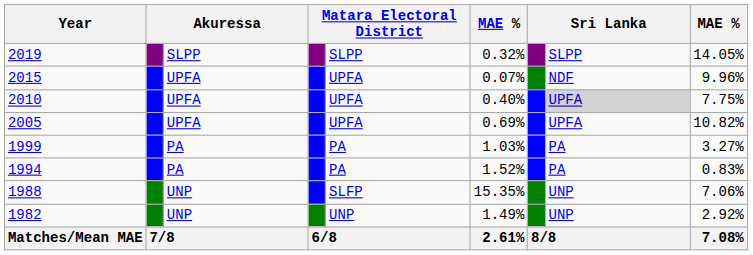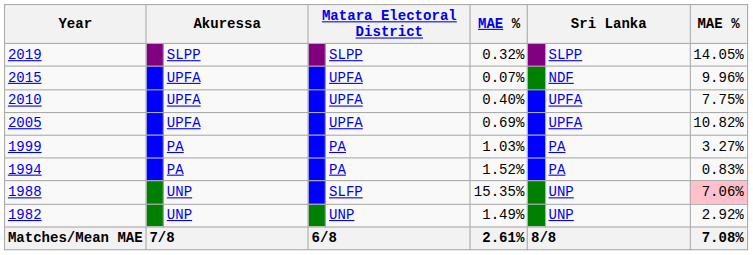 <table class="wikitable">
 <tr>
 <th>Year</th>
 <th colspan="2" width="144px">Akuressa</th>
 <th colspan="2" width="144px"><a href='#'>Matara Electoral District</a></th>
 <th><a href='#'>MAE</a> %</th>
 <th colspan="2" width="144px">Sri Lanka</th>
 <th>MAE %</th>
 </tr>
 <tr>
 <td><a href='#'>2019</a></td>
 <td style="background-color:purple;" width="10px"></td>
 <td style="text-align:left;"><a href='#'>SLPP</a></td>
 <td style="background-color:purple;" width="10px"></td>
 <td style="text-align:left;"><a href='#'>SLPP</a></td>
 <td style="text-align:right;">0.32%</td>
 <td style="background-color:purple;" width="10px"></td>
 <td style="text-align:left;"><a href='#'>SLPP</a></td>
 <td style="text-align:right;">14.05%</td>
 </tr>
 <tr>
 <td><a href='#'>2015</a></td>
 <td style="background-color:blue;" width="10px"></td>
 <td style="text-align:left;"><a href='#'>UPFA</a></td>
 <td style="background-color:blue;" width="10px"></td>
 <td style="text-align:left;"><a href='#'>UPFA</a></td>
 <td style="text-align:right;">0.07%</td>
 <td style="background-color:green;" width="10px"></td>
 <td style="text-align:left;"><a href='#'>NDF</a></td>
 <td style="text-align:right;">9.96%</td>
 </tr>
 <tr>
 <td><a href='#'>2010</a></td>
 <td style="background-color:blue;" width="10px"></td>
 <td style="text-align:left;"><a href='#'>UPFA</a></td>
 <td style="background-color:blue;" width="10px"></td>
 <td style="text-align:left;"><a href='#'>UPFA</a></td>
 <td style="text-align:right;">0.40%</td>
 <td style="background-color:blue;" width="10px"></td>
-<td style="background: lightgrey; text-align:left;"><a href='#'>UPFA</a></td>
+<td style="text-align:left;"><a href='#'>UPFA</a></td>
 <td style="text-align:right;">7.75%</td>
 </tr>
 <tr>
 <td><a href='#'>2005</a></td>
 <td style="background-color:blue;" width="10px"></td>
 <td style="text-align:left;"><a href='#'>UPFA</a></td>
 <td style="background-color:blue;" width="10px"></td>
 <td style="text-align:left;"><a href='#'>UPFA</a></td>
 <td style="text-align:right;">0.69%</td>
 <td style="background-color:blue;" width="10px"></td>
 <td style="text-align:left;"><a href='#'>UPFA</a></td>
 <td style="text-align:right;">10.82%</td>
 </tr>
 <tr>
 <td><a href='#'>1999</a></td>
 <td style="background-color:blue;" width="10px"></td>
 <td style="text-align:left;"><a href='#'>PA</a></td>
 <td style="background-color:blue;" width="10px"></td>
 <td style="text-align:left;"><a href='#'>PA</a></td>
 <td style="text-align:right;">1.03%</td>
 <td style="background-color:blue;" width="10px"></td>
 <td style="text-align:left;"><a href='#'>PA</a></td>
 <td style="text-align:right;">3.27%</td>
 </tr>
 <tr>
 <td><a href='#'>1994</a></td>
 <td style="background-color:blue;" width="10px"></td>
 <td style="text-align:left;"><a href='#'>PA</a></td>
 <td style="background-color:blue;" width="10px"></td>
 <td style="text-align:left;"><a href='#'>PA</a></td>
 <td style="text-align:right;">1.52%</td>
 <td style="background-color:blue;" width="10px"></td>
 <td style="text-align:left;"><a href='#'>PA</a></td>
 <td style="text-align:right;">0.83%</td>
 </tr>
 <tr>
 <td><a href='#'>1988</a></td>
 <td style="background-color:green;" width="10px"></td>
 <td style="text-align:left;"><a href='#'>UNP</a></td>
 <td style="background-color:blue;" width="10px"></td>
 <td style="text-align:left;"><a href='#'>SLFP</a></td>
 <td style="text-align:right;">15.35%</td>
 <td style="background-color:green;" width="10px"></td>
 <td style="text-align:left;"><a href='#'>UNP</a></td>
-<td style="text-align:right;">7.06%</td>
+<td style="background: pink; text-align:right;">7.06%</td>
 </tr>
 <tr>
 <td><a href='#'>1982</a></td>
 <td style="background-color:green;" width="10px"></td>
 <td style="text-align:left;"><a href='#'>UNP</a></td>
 <td style="background-color:green;" width="10px"></td>
 <td style="text-align:left;"><a href='#'>UNP</a></td>
 <td style="text-align:right;">1.49%</td>
 <td style="background-color:green;" width="10px"></td>
 <td style="text-align:left;"><a href='#'>UNP</a></td>
 <td style="text-align:right;">2.92%</td>
 </tr>
 <tr>
 <th>Matches/Mean MAE</th>
 <th style="text-align:left;"colspan="2" width="144px">7/8</th>
 <th style="text-align:left;"colspan="2" width="144px">6/8</th>
 <th style="text-align:right;">2.61%</th>
 <th style="text-align:left;"colspan="2" width="144px">8/8</th>
 <th style="text-align:right;">7.08%</th>
 </tr>
 </table>
